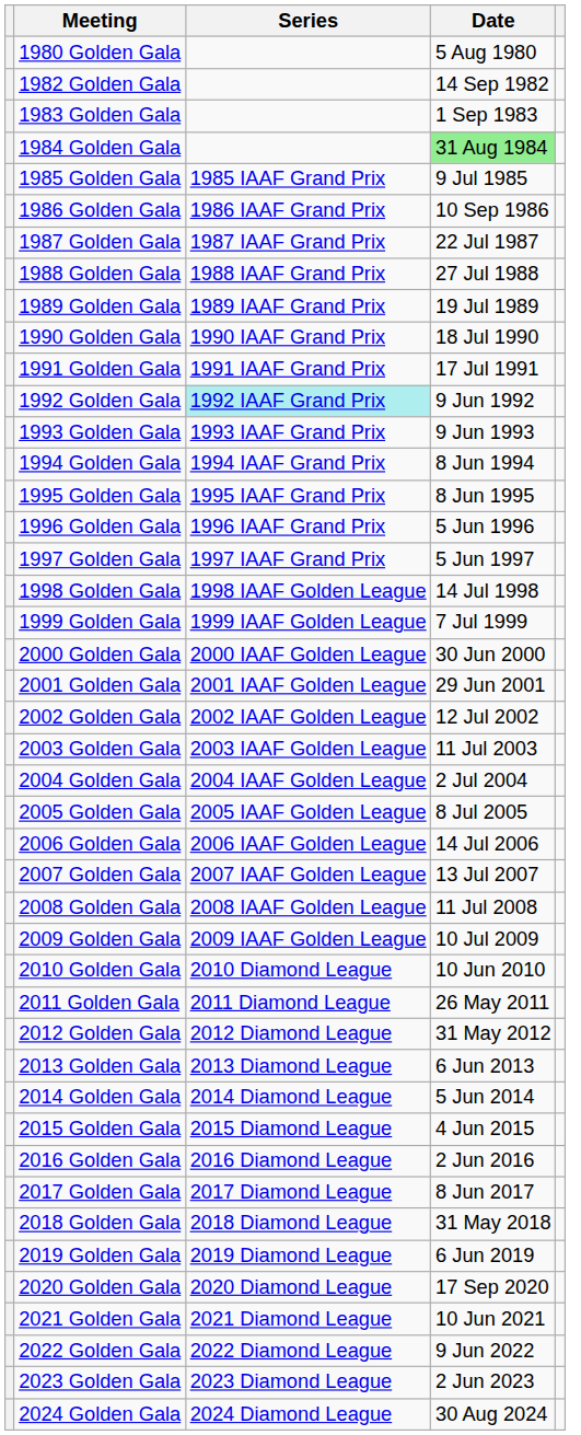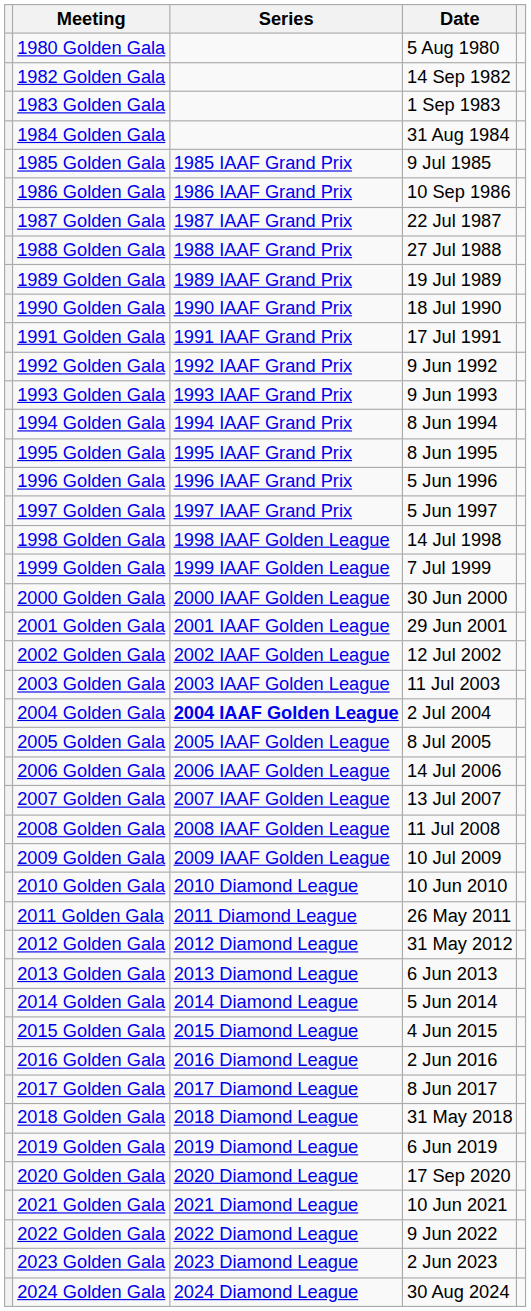 <table class="wikitable plainrowheaders sticky-header defaultleft col4right">
 <tr>
 <th scope="col"></th>
 <th scope="col">Meeting</th>
 <th scope="col">Series</th>
 <th scope="col">Date</th>
 <th scope="col"></th>
 </tr>
 <tr>
 <th scope="row"></th>
 <td><a href='#'>1980 Golden Gala</a></td>
 <td></td>
 <td>5 Aug 1980</td>
 <td></td>
 </tr>
 <tr>
 <th scope="row"></th>
 <td><a href='#'>1982 Golden Gala</a></td>
 <td></td>
 <td>14 Sep 1982</td>
 <td></td>
 </tr>
 <tr>
 <th scope="row"></th>
 <td><a href='#'>1983 Golden Gala</a></td>
 <td></td>
 <td>1 Sep 1983</td>
 <td></td>
 </tr>
 <tr>
 <th scope="row"></th>
 <td><a href='#'>1984 Golden Gala</a></td>
 <td></td>
-<td style="background: lightgreen;">31 Aug 1984</td>
+<td>31 Aug 1984</td>
 <td></td>
 </tr>
 <tr>
 <th scope="row"></th>
 <td><a href='#'>1985 Golden Gala</a></td>
 <td><a href='#'>1985 IAAF Grand Prix</a></td>
 <td>9 Jul 1985</td>
 <td></td>
 </tr>
 <tr>
 <th scope="row"></th>
 <td><a href='#'>1986 Golden Gala</a></td>
 <td><a href='#'>1986 IAAF Grand Prix</a></td>
 <td>10 Sep 1986</td>
 <td></td>
 </tr>
 <tr>
 <th scope="row"></th>
 <td><a href='#'>1987 Golden Gala</a></td>
 <td><a href='#'>1987 IAAF Grand Prix</a></td>
 <td>22 Jul 1987</td>
 <td></td>
 </tr>
 <tr>
 <th scope="row"></th>
 <td><a href='#'>1988 Golden Gala</a></td>
 <td><a href='#'>1988 IAAF Grand Prix</a></td>
 <td>27 Jul 1988</td>
 <td></td>
 </tr>
 <tr>
 <th scope="row"></th>
 <td><a href='#'>1989 Golden Gala</a></td>
 <td><a href='#'>1989 IAAF Grand Prix</a></td>
 <td>19 Jul 1989</td>
 <td></td>
 </tr>
 <tr>
 <th scope="row"></th>
 <td><a href='#'>1990 Golden Gala</a></td>
 <td><a href='#'>1990 IAAF Grand Prix</a></td>
 <td>18 Jul 1990</td>
 <td></td>
 </tr>
 <tr>
 <th scope="row"></th>
 <td><a href='#'>1991 Golden Gala</a></td>
 <td><a href='#'>1991 IAAF Grand Prix</a></td>
 <td>17 Jul 1991</td>
 <td></td>
 </tr>
 <tr>
 <th scope="row"></th>
 <td><a href='#'>1992 Golden Gala</a></td>
-<td style="background: paleturquoise;"><a href='#'>1992 IAAF Grand Prix</a></td>
+<td><a href='#'>1992 IAAF Grand Prix</a></td>
 <td>9 Jun 1992</td>
 <td></td>
 </tr>
 <tr>
 <th scope="row"></th>
 <td><a href='#'>1993 Golden Gala</a></td>
 <td><a href='#'>1993 IAAF Grand Prix</a></td>
 <td>9 Jun 1993</td>
 <td></td>
 </tr>
 <tr>
 <th scope="row"></th>
 <td><a href='#'>1994 Golden Gala</a></td>
 <td><a href='#'>1994 IAAF Grand Prix</a></td>
 <td>8 Jun 1994</td>
 <td></td>
 </tr>
 <tr>
 <th scope="row"></th>
 <td><a href='#'>1995 Golden Gala</a></td>
 <td><a href='#'>1995 IAAF Grand Prix</a></td>
 <td>8 Jun 1995</td>
 <td></td>
 </tr>
 <tr>
 <th scope="row"></th>
 <td><a href='#'>1996 Golden Gala</a></td>
 <td><a href='#'>1996 IAAF Grand Prix</a></td>
 <td>5 Jun 1996</td>
 <td></td>
 </tr>
 <tr>
 <th scope="row"></th>
 <td><a href='#'>1997 Golden Gala</a></td>
 <td><a href='#'>1997 IAAF Grand Prix</a></td>
 <td>5 Jun 1997</td>
 <td></td>
 </tr>
 <tr>
 <th scope="row"></th>
 <td><a href='#'>1998 Golden Gala</a></td>
 <td><a href='#'>1998 IAAF Golden League</a></td>
 <td>14 Jul 1998</td>
 <td></td>
 </tr>
 <tr>
 <th scope="row"></th>
 <td><a href='#'>1999 Golden Gala</a></td>
 <td><a href='#'>1999 IAAF Golden League</a></td>
 <td>7 Jul 1999</td>
 <td></td>
 </tr>
 <tr>
 <th scope="row"></th>
 <td><a href='#'>2000 Golden Gala</a></td>
 <td><a href='#'>2000 IAAF Golden League</a></td>
 <td>30 Jun 2000</td>
 <td></td>
 </tr>
 <tr>
 <th scope="row"></th>
 <td><a href='#'>2001 Golden Gala</a></td>
 <td><a href='#'>2001 IAAF Golden League</a></td>
 <td>29 Jun 2001</td>
 <td></td>
 </tr>
 <tr>
 <th scope="row"></th>
 <td><a href='#'>2002 Golden Gala</a></td>
 <td><a href='#'>2002 IAAF Golden League</a></td>
 <td>12 Jul 2002</td>
 <td></td>
 </tr>
 <tr>
 <th scope="row"></th>
 <td><a href='#'>2003 Golden Gala</a></td>
 <td><a href='#'>2003 IAAF Golden League</a></td>
 <td>11 Jul 2003</td>
 <td></td>
 </tr>
 <tr>
 <th scope="row"></th>
 <td><a href='#'>2004 Golden Gala</a></td>
-<td><a href='#'>2004 IAAF Golden League</a></td>
+<td><strong><a href='#'>2004 IAAF Golden League</a></strong></td>
 <td>2 Jul 2004</td>
 <td></td>
 </tr>
 <tr>
 <th scope="row"></th>
 <td><a href='#'>2005 Golden Gala</a></td>
 <td><a href='#'>2005 IAAF Golden League</a></td>
 <td>8 Jul 2005</td>
 <td></td>
 </tr>
 <tr>
 <th scope="row"></th>
 <td><a href='#'>2006 Golden Gala</a></td>
 <td><a href='#'>2006 IAAF Golden League</a></td>
 <td>14 Jul 2006</td>
 <td></td>
 </tr>
 <tr>
 <th scope="row"></th>
 <td><a href='#'>2007 Golden Gala</a></td>
 <td><a href='#'>2007 IAAF Golden League</a></td>
 <td>13 Jul 2007</td>
 <td></td>
 </tr>
 <tr>
 <th scope="row"></th>
 <td><a href='#'>2008 Golden Gala</a></td>
 <td><a href='#'>2008 IAAF Golden League</a></td>
 <td>11 Jul 2008</td>
 <td></td>
 </tr>
 <tr>
 <th scope="row"></th>
 <td><a href='#'>2009 Golden Gala</a></td>
 <td><a href='#'>2009 IAAF Golden League</a></td>
 <td>10 Jul 2009</td>
 <td></td>
 </tr>
 <tr>
 <th scope="row"></th>
 <td><a href='#'>2010 Golden Gala</a></td>
 <td><a href='#'>2010 Diamond League</a></td>
 <td>10 Jun 2010</td>
 <td></td>
 </tr>
 <tr>
 <th scope="row"></th>
 <td><a href='#'>2011 Golden Gala</a></td>
 <td><a href='#'>2011 Diamond League</a></td>
 <td>26 May 2011</td>
 <td></td>
 </tr>
 <tr>
 <th scope="row"></th>
 <td><a href='#'>2012 Golden Gala</a></td>
 <td><a href='#'>2012 Diamond League</a></td>
 <td>31 May 2012</td>
 <td></td>
 </tr>
 <tr>
 <th scope="row"></th>
 <td><a href='#'>2013 Golden Gala</a></td>
 <td><a href='#'>2013 Diamond League</a></td>
 <td>6 Jun 2013</td>
 <td></td>
 </tr>
 <tr>
 <th scope="row"></th>
 <td><a href='#'>2014 Golden Gala</a></td>
 <td><a href='#'>2014 Diamond League</a></td>
 <td>5 Jun 2014</td>
 <td></td>
 </tr>
 <tr>
 <th scope="row"></th>
 <td><a href='#'>2015 Golden Gala</a></td>
 <td><a href='#'>2015 Diamond League</a></td>
 <td>4 Jun 2015</td>
 <td></td>
 </tr>
 <tr>
 <th scope="row"></th>
 <td><a href='#'>2016 Golden Gala</a></td>
 <td><a href='#'>2016 Diamond League</a></td>
 <td>2 Jun 2016</td>
 <td></td>
 </tr>
 <tr>
 <th scope="row"></th>
 <td><a href='#'>2017 Golden Gala</a></td>
 <td><a href='#'>2017 Diamond League</a></td>
 <td>8 Jun 2017</td>
 <td></td>
 </tr>
 <tr>
 <th scope="row"></th>
 <td><a href='#'>2018 Golden Gala</a></td>
 <td><a href='#'>2018 Diamond League</a></td>
 <td>31 May 2018</td>
 <td></td>
 </tr>
 <tr>
 <th scope="row"></th>
 <td><a href='#'>2019 Golden Gala</a></td>
 <td><a href='#'>2019 Diamond League</a></td>
 <td>6 Jun 2019</td>
 <td></td>
 </tr>
 <tr>
 <th scope="row"></th>
 <td><a href='#'>2020 Golden Gala</a></td>
 <td><a href='#'>2020 Diamond League</a></td>
 <td>17 Sep 2020</td>
 <td></td>
 </tr>
 <tr>
 <th scope="row"></th>
 <td><a href='#'>2021 Golden Gala</a></td>
 <td><a href='#'>2021 Diamond League</a></td>
 <td>10 Jun 2021</td>
 <td></td>
 </tr>
 <tr>
 <th scope="row"></th>
 <td><a href='#'>2022 Golden Gala</a></td>
 <td><a href='#'>2022 Diamond League</a></td>
 <td>9 Jun 2022</td>
 <td></td>
 </tr>
 <tr>
 <th scope="row"></th>
 <td><a href='#'>2023 Golden Gala</a></td>
 <td><a href='#'>2023 Diamond League</a></td>
 <td>2 Jun 2023</td>
 <td></td>
 </tr>
 <tr>
 <th scope="row"></th>
 <td><a href='#'>2024 Golden Gala</a></td>
 <td><a href='#'>2024 Diamond League</a></td>
 <td>30 Aug 2024</td>
 <td></td>
 </tr>
 </table>
